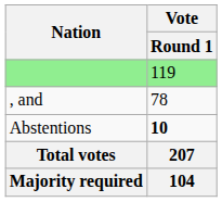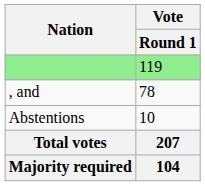 <table class="wikitable" style="margin: 0 auto;text-align: left">
 <tr>
 <th rowspan="2">Nation</th>
 <th colspan="2">Vote</th>
 </tr>
 <tr>
 <th>Round 1</th>
 </tr>
 <tr style="background:#90ee90">
 <td align=left></td>
 <td>119</td>
 </tr>
 <tr>
 <td align=left>,  and </td>
 <td>78</td>
 </tr>
 <tr>
 <td align=left>Abstentions</td>
-<td><strong>10</strong></td>
+<td>10</td>
 </tr>
 <tr>
 <th align=left>Total votes</th>
 <th>207</th>
 </tr>
 <tr>
 <th align=left>Majority required</th>
 <th>104</th>
 </tr>
 </table>
